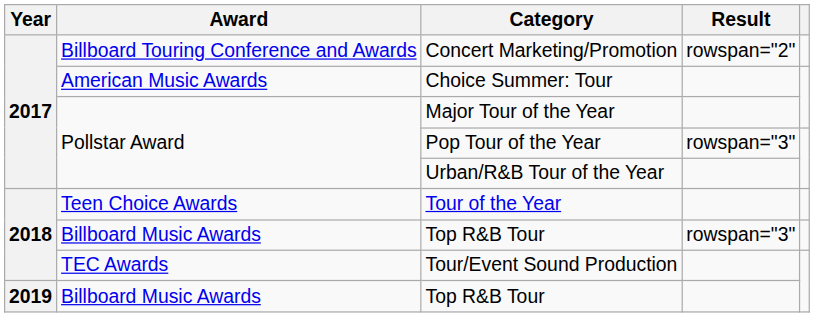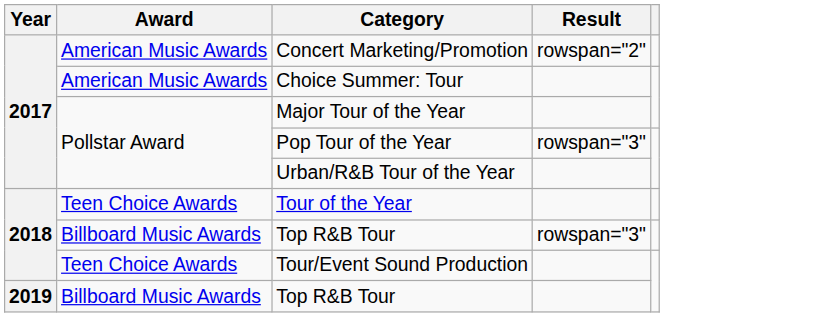 <table class="wikitable plainrowheaders">
 <tr>
 <th scope=col>Year</th>
 <th scope="col">Award</th>
 <th scope="col">Category</th>
 <th scope="col">Result</th>
 <th scope=col></th>
 </tr>
 <tr>
 <th scope="row" rowspan="5">2017</th>
-<td><a href='#'>Billboard Touring Conference and Awards</a></td>
+<td><a href='#'>American Music Awards</a></td>
 <td>Concert Marketing/Promotion</td>
 <td>rowspan="2" </td>
 <td style="text-align:center;"></td>
 </tr>
 <tr>
 <td><a href='#'>American Music Awards</a></td>
 <td>Choice Summer: Tour</td>
 <td style="text-align:center;"></td>
 </tr>
 <tr>
 <td rowspan="3">Pollstar Award</td>
 <td>Major Tour of the Year</td>
 <td style="text-align:center;"></td>
 </tr>
 <tr>
 <td>Pop Tour of the Year</td>
 <td>rowspan="3" </td>
 <td style="text-align:center;" rowspan="2"></td>
 </tr>
 <tr>
 <td>Urban/R&B Tour of the Year</td>
 </tr>
 <tr>
 <th scope="row" rowspan="3">2018</th>
 <td><a href='#'>Teen Choice Awards</a></td>
 <td><a href='#'>Tour of the Year</a></td>
 <td></td>
 <td style="text-align:center;"></td>
 </tr>
 <tr>
 <td><a href='#'>Billboard Music Awards</a></td>
 <td>Top R&B Tour</td>
 <td>rowspan="3" </td>
 <td style="text-align:center;"></td>
 </tr>
 <tr>
-<td><a href='#'>TEC Awards</a></td>
+<td><a href='#'>Teen Choice Awards</a></td>
 <td>Tour/Event Sound Production</td>
 <td style="text-align:center;"></td>
 </tr>
 <tr>
 <th scope="row">2019</th>
 <td><a href='#'>Billboard Music Awards</a></td>
 <td>Top R&B Tour</td>
 <td style="text-align:center;"></td>
 </tr>
 </table>
